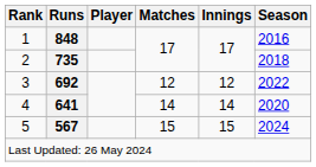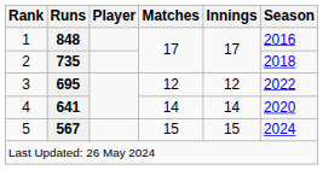 <table class="wikitable">
 <tr>
 <th style="text-align:center;">Rank</th>
 <th style="text-align:center;">Runs</th>
 <th style="text-align:center;">Player</th>
 <th style="text-align:center;">Matches</th>
 <th style="text-align:center;">Innings</th>
 <th style="text-align:center;">Season</th>
 </tr>
 <tr>
 <td align=center>1</td>
 <th scope=row style=text-align:center;>848</th>
 <td></td>
 <td align=center rowspan=2>17</td>
 <td align=center rowspan=2>17</td>
 <td><a href='#'>2016</a></td>
 </tr>
 <tr>
 <td align=center>2</td>
 <th scope=row style=text-align:center;>735</th>
 <td></td>
 <td><a href='#'>2018</a></td>
 </tr>
 <tr>
 <td align=center>3</td>
-<th scope=row style=text-align:center;>692</th>
+<th scope=row style=text-align:center;>695</th>
 <td rowspan=2></td>
 <td align=center>12</td>
 <td align=center>12</td>
 <td><a href='#'>2022</a></td>
 </tr>
 <tr>
 <td align=center>4</td>
 <th scope=row style=text-align:center;>641</th>
 <td align=center>14</td>
 <td align=center>14</td>
 <td><a href='#'>2020</a></td>
 </tr>
 <tr>
 <td align=center>5</td>
 <th scope=row style=text-align:center;>567</th>
 <td></td>
 <td align=center>15</td>
 <td align=center>15</td>
 <td><a href='#'>2024</a></td>
 </tr>
 <tr class=sortbottom>
 <td colspan=6><small>Last Updated: 26 May 2024</small></td>
 </tr>
 </table>
